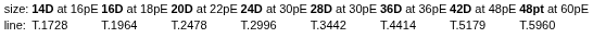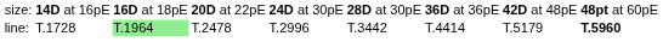 <table style="margin-left:40px;">
 <tr>
 <td>size:</td>
 <td><strong>14D</strong> at 16pE</td>
 <td><strong>16D</strong> at 18pE</td>
 <td><strong>20D</strong> at 22pE</td>
 <td><strong>24D</strong> at 30pE</td>
 <td><strong>28D</strong> at 30pE</td>
 <td><strong>36D</strong> at 36pE</td>
 <td><strong>42D</strong> at 48pE</td>
 <td><strong>48pt</strong> at 60pE</td>
 </tr>
 <tr>
 <td>line:</td>
 <td>T.1728</td>
-<td>T.1964</td>
+<td style="background: lightgreen;">T.1964</td>
 <td>T.2478</td>
 <td>T.2996</td>
 <td>T.3442</td>
 <td>T.4414</td>
 <td>T.5179</td>
-<td>T.5960</td>
+<td><strong>T.5960</strong></td>
 </tr>
 </table>
